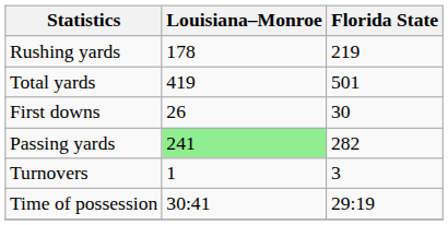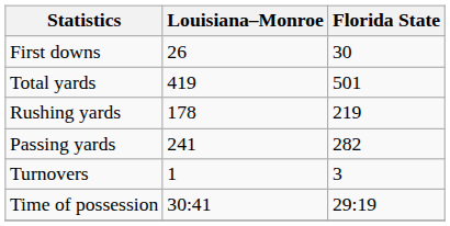 <table class="wikitable" style="float: right;">
 <tr>
 <th>Statistics</th>
 <th>Louisiana–Monroe</th>
 <th>Florida State</th>
 </tr>
 <tr>
-<td>Rushing yards</td>
-<td>178</td>
-<td>219</td>
+<td>First downs</td>
+<td>26</td>
+<td>30</td>
 </tr>
 <tr>
 <td>Total yards</td>
 <td>419</td>
 <td>501</td>
 </tr>
 <tr>
-<td>First downs</td>
-<td>26</td>
-<td>30</td>
+<td>Rushing yards</td>
+<td>178</td>
+<td>219</td>
 </tr>
 <tr>
 <td>Passing yards</td>
-<td style="background: lightgreen;">241</td>
+<td>241</td>
 <td>282</td>
 </tr>
 <tr>
 <td>Turnovers</td>
 <td>1</td>
 <td>3</td>
 </tr>
 <tr>
 <td>Time of possession</td>
 <td>30:41</td>
 <td>29:19</td>
 </tr>
 <tr>
 </tr>
 </table>
